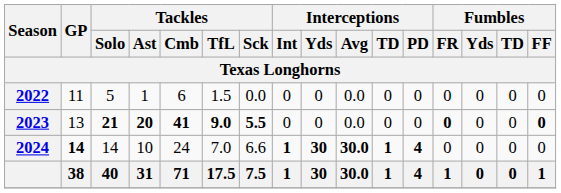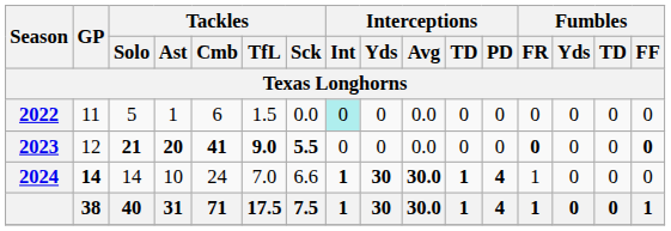 <table class="wikitable" style="text-align:center;">
 <tr>
 <th rowspan="2">Season</th>
 <th rowspan="2">GP</th>
 <th colspan="5">Tackles</th>
 <th colspan="5">Interceptions</th>
 <th colspan="4">Fumbles</th>
 </tr>
 <tr>
 <th>Solo</th>
 <th>Ast</th>
 <th>Cmb</th>
 <th>TfL</th>
 <th>Sck</th>
 <th>Int</th>
 <th>Yds</th>
 <th>Avg</th>
 <th>TD</th>
 <th>PD</th>
 <th>FR</th>
 <th>Yds</th>
 <th>TD</th>
 <th>FF</th>
 </tr>
 <tr>
 <th colspan="16">Texas Longhorns</th>
 </tr>
 <tr>
 <th><a href='#'>2022</a></th>
 <td>11</td>
 <td>5</td>
 <td>1</td>
 <td>6</td>
 <td>1.5</td>
 <td>0.0</td>
-<td>0</td>
+<td style="background: paleturquoise;">0</td>
 <td>0</td>
 <td>0.0</td>
 <td>0</td>
 <td>0</td>
 <td>0</td>
 <td>0</td>
 <td>0</td>
 <td>0</td>
 </tr>
 <tr>
 <th><a href='#'>2023</a></th>
-<td>13</td>
+<td>12</td>
 <td><strong>21</strong></td>
 <td><strong>20</strong></td>
 <td><strong>41</strong></td>
 <td><strong>9.0</strong></td>
 <td><strong>5.5</strong></td>
 <td>0</td>
 <td>0</td>
 <td>0.0</td>
 <td>0</td>
 <td>0</td>
 <td><strong>0</strong></td>
 <td>0</td>
 <td>0</td>
 <td><strong>0</strong></td>
 </tr>
 <tr>
 <th><a href='#'>2024</a></th>
 <td><strong>14</strong></td>
 <td>14</td>
 <td>10</td>
 <td>24</td>
 <td>7.0</td>
 <td>6.6</td>
 <td><strong>1</strong></td>
 <td><strong>30</strong></td>
 <td><strong>30.0</strong></td>
 <td><strong>1</strong></td>
 <td><strong>4</strong></td>
-<td>0</td>
+<td>1</td>
 <td>0</td>
 <td>0</td>
 <td>0</td>
 </tr>
 <tr>
 <th></th>
 <th>38</th>
 <th>40</th>
 <th>31</th>
 <th>71</th>
 <th>17.5</th>
 <th>7.5</th>
 <th>1</th>
 <th>30</th>
 <th>30.0</th>
 <th>1</th>
 <th>4</th>
 <th>1</th>
 <th>0</th>
 <th>0</th>
 <th>1</th>
 </tr>
 <tr>
 </tr>
 </table>
